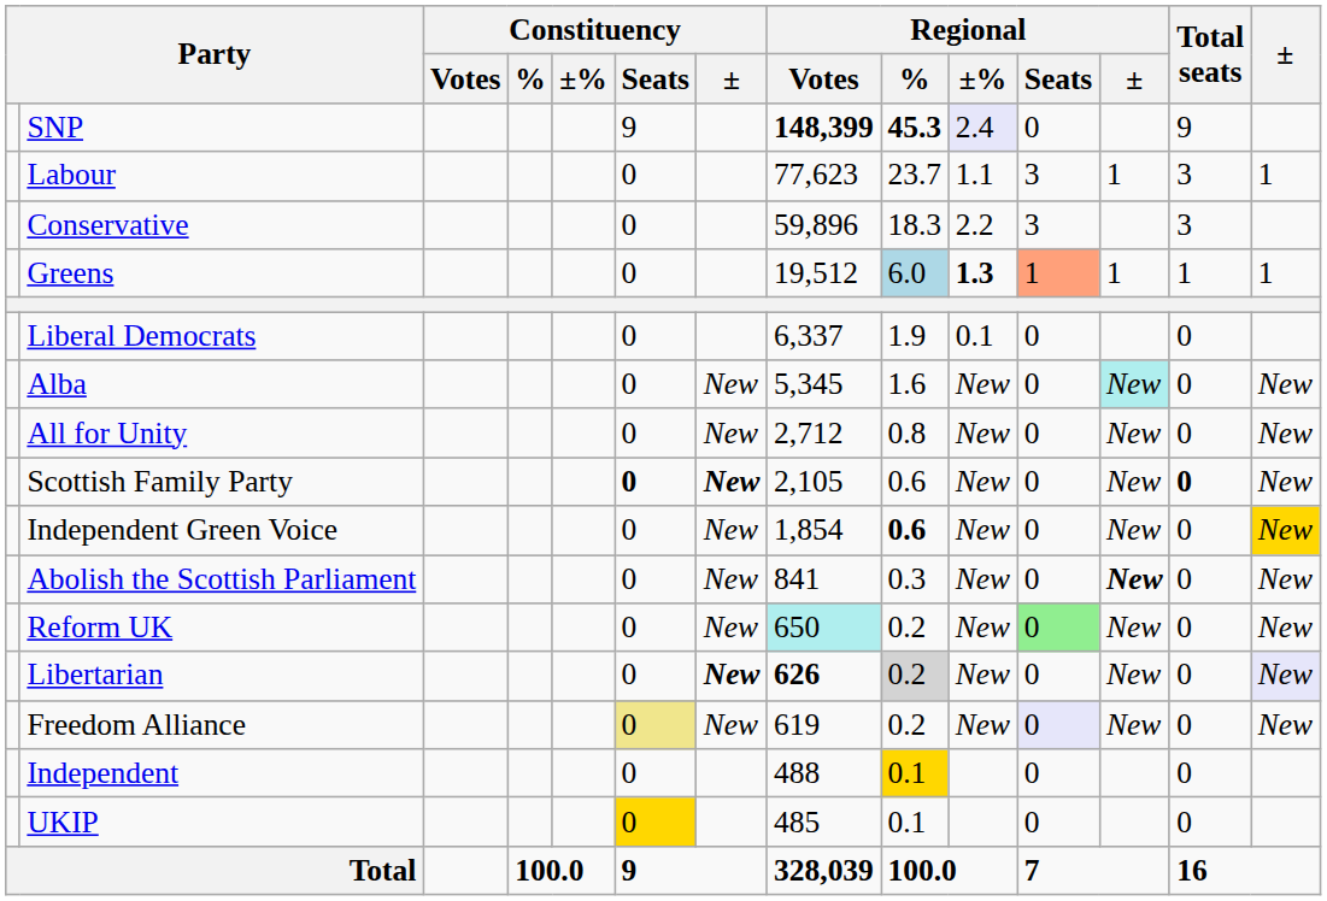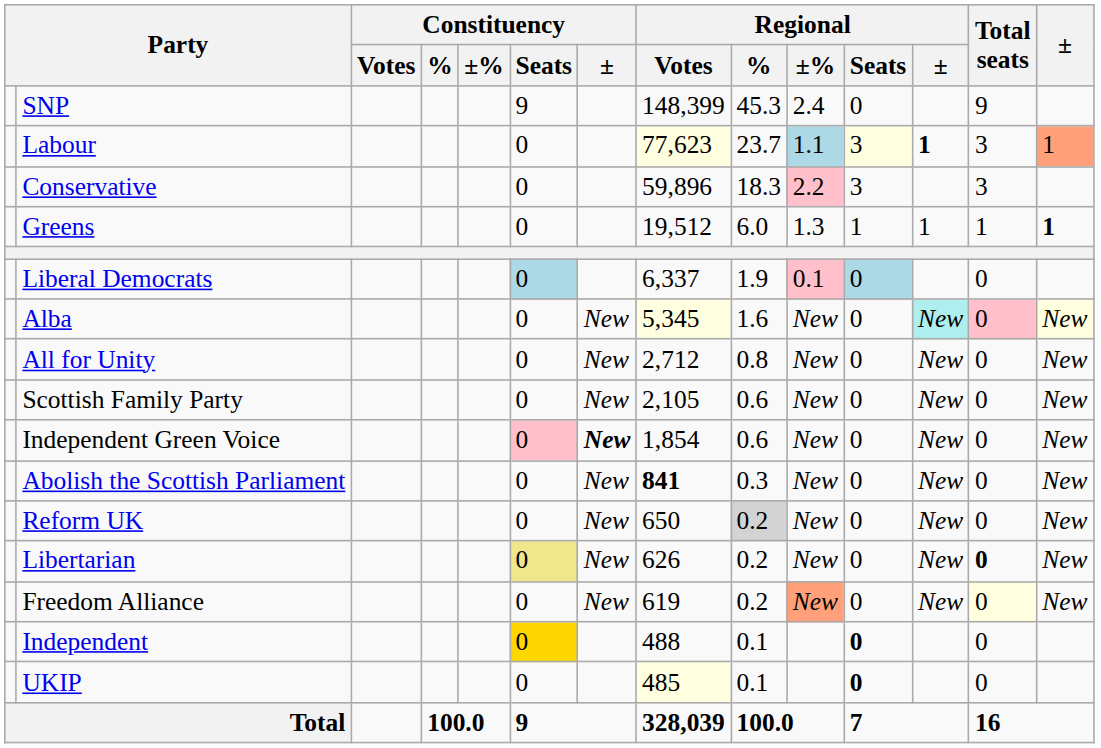 <table class="wikitable sortable">
 <tr>
 <th colspan="2" rowspan="2">Party</th>
 <th colspan="5">Constituency</th>
 <th colspan="5">Regional</th>
 <th rowspan="2">Total<br>seats</th>
 <th rowspan="2">±</th>
 </tr>
 <tr>
 <th>Votes</th>
 <th>%</th>
 <th>±%</th>
 <th>Seats</th>
 <th>±</th>
 <th>Votes</th>
 <th>%</th>
 <th>±%</th>
 <th>Seats</th>
 <th>±</th>
 </tr>
 <tr>
 <td style="color:inherit;background:"></td>
 <td><a href='#'>SNP</a></td>
 <td></td>
 <td></td>
 <td></td>
 <td>9</td>
 <td></td>
-<td><strong>148,399</strong></td>
-<td><strong>45.3</strong></td>
-<td style="background: lavender;">2.4</td>
+<td>148,399</td>
+<td>45.3</td>
+<td>2.4</td>
 <td>0</td>
 <td></td>
 <td>9</td>
 <td></td>
 </tr>
 <tr>
 <td style="color:inherit;background:"></td>
 <td><a href='#'>Labour</a></td>
 <td></td>
 <td></td>
 <td></td>
 <td>0</td>
 <td></td>
-<td>77,623</td>
+<td style="background: lightyellow;">77,623</td>
 <td>23.7</td>
-<td>1.1</td>
+<td style="background: lightblue;">1.1</td>
+<td style="background: lightyellow;">3</td>
+<td><strong>1</strong></td>
 <td>3</td>
-<td>1</td>
-<td>3</td>
-<td>1</td>
+<td style="background: lightsalmon;">1</td>
 </tr>
 <tr>
 <td style="color:inherit;background:"></td>
 <td><a href='#'>Conservative</a></td>
 <td></td>
 <td></td>
 <td></td>
 <td>0</td>
 <td></td>
 <td>59,896</td>
 <td>18.3</td>
-<td>2.2</td>
+<td style="background: pink;">2.2</td>
 <td>3</td>
 <td></td>
 <td>3</td>
 <td></td>
 </tr>
 <tr>
 <td style="color:inherit;background:"></td>
 <td><a href='#'>Greens</a></td>
 <td></td>
 <td></td>
 <td></td>
 <td>0</td>
 <td></td>
 <td>19,512</td>
-<td style="background: lightblue;">6.0</td>
-<td><strong>1.3</strong></td>
-<td style="background: lightsalmon;">1</td>
+<td>6.0</td>
+<td>1.3</td>
 <td>1</td>
 <td>1</td>
 <td>1</td>
+<td><strong>1</strong></td>
 </tr>
 <tr>
 <th colspan=14></th>
 </tr>
 <tr>
 <td style="color:inherit;background:"></td>
 <td><a href='#'>Liberal Democrats</a></td>
 <td></td>
 <td></td>
 <td></td>
-<td>0</td>
+<td style="background: lightblue;">0</td>
 <td></td>
 <td>6,337</td>
 <td>1.9</td>
-<td>0.1</td>
-<td>0</td>
+<td style="background: pink;">0.1</td>
+<td style="background: lightblue;">0</td>
 <td></td>
 <td>0</td>
 <td></td>
 </tr>
 <tr>
 <td style="color:inherit;background:"></td>
 <td><a href='#'>Alba</a></td>
 <td></td>
 <td></td>
 <td></td>
 <td>0</td>
 <td><em>New</em></td>
-<td>5,345</td>
+<td style="background: lightyellow;">5,345</td>
 <td>1.6</td>
 <td><em>New</em></td>
 <td>0</td>
 <td style="background: paleturquoise;"><em>New</em></td>
-<td>0</td>
-<td><em>New</em></td>
+<td style="background: pink;">0</td>
+<td style="background: lightyellow;"><em>New</em></td>
 </tr>
 <tr>
 <td style="color:inherit;background:"></td>
 <td><a href='#'>All for Unity</a></td>
 <td></td>
 <td></td>
 <td></td>
 <td>0</td>
 <td><em>New</em></td>
 <td>2,712</td>
 <td>0.8</td>
 <td><em>New</em></td>
 <td>0</td>
 <td><em>New</em></td>
 <td>0</td>
 <td><em>New</em></td>
 </tr>
 <tr>
 <td style="color:inherit;background:"></td>
 <td>Scottish Family Party</td>
 <td></td>
 <td></td>
 <td></td>
-<td><strong>0</strong></td>
-<td><strong><em>New</em></strong></td>
+<td>0</td>
+<td><em>New</em></td>
 <td>2,105</td>
 <td>0.6</td>
 <td><em>New</em></td>
 <td>0</td>
 <td><em>New</em></td>
-<td><strong>0</strong></td>
+<td>0</td>
 <td><em>New</em></td>
 </tr>
 <tr>
 <td style="color:inherit;background:"></td>
 <td>Independent Green Voice</td>
 <td></td>
 <td></td>
 <td></td>
-<td>0</td>
-<td><em>New</em></td>
+<td style="background: pink;">0</td>
+<td><strong><em>New</em></strong></td>
 <td>1,854</td>
-<td><strong>0.6</strong></td>
+<td>0.6</td>
 <td><em>New</em></td>
 <td>0</td>
 <td><em>New</em></td>
 <td>0</td>
-<td style="background: gold;"><em>New</em></td>
+<td><em>New</em></td>
 </tr>
 <tr>
 <td style="color:inherit;background:"></td>
 <td><a href='#'>Abolish the Scottish Parliament</a></td>
 <td></td>
 <td></td>
 <td></td>
 <td>0</td>
 <td><em>New</em></td>
-<td>841</td>
+<td><strong>841</strong></td>
 <td>0.3</td>
 <td><em>New</em></td>
 <td>0</td>
-<td><strong><em>New</em></strong></td>
+<td><em>New</em></td>
 <td>0</td>
 <td><em>New</em></td>
 </tr>
 <tr>
 <td style="color:inherit;background:"></td>
 <td><a href='#'>Reform UK</a></td>
 <td></td>
 <td></td>
 <td></td>
 <td>0</td>
 <td><em>New</em></td>
-<td style="background: paleturquoise;">650</td>
-<td>0.2</td>
+<td>650</td>
+<td style="background: lightgrey;">0.2</td>
 <td><em>New</em></td>
-<td style="background: lightgreen;">0</td>
+<td>0</td>
 <td><em>New</em></td>
 <td>0</td>
 <td><em>New</em></td>
 </tr>
 <tr>
 <td style="color:inherit;background:"></td>
 <td><a href='#'>Libertarian</a></td>
 <td></td>
 <td></td>
 <td></td>
-<td>0</td>
-<td><strong><em>New</em></strong></td>
-<td><strong>626</strong></td>
-<td style="background: lightgrey;">0.2</td>
+<td style="background: khaki;">0</td>
+<td><em>New</em></td>
+<td>626</td>
+<td>0.2</td>
 <td><em>New</em></td>
 <td>0</td>
 <td><em>New</em></td>
-<td>0</td>
-<td style="background: lavender;"><em>New</em></td>
+<td><strong>0</strong></td>
+<td><em>New</em></td>
 </tr>
 <tr>
 <td style="color:inherit;background:"></td>
 <td>Freedom Alliance</td>
 <td></td>
 <td></td>
 <td></td>
-<td style="background: khaki;">0</td>
+<td>0</td>
 <td><em>New</em></td>
 <td>619</td>
 <td>0.2</td>
+<td style="background: lightsalmon;"><em>New</em></td>
+<td>0</td>
 <td><em>New</em></td>
-<td style="background: lavender;">0</td>
-<td><em>New</em></td>
-<td>0</td>
+<td style="background: lightyellow;">0</td>
 <td><em>New</em></td>
 </tr>
 <tr>
 <td style="color:inherit;background:"></td>
 <td><a href='#'>Independent</a></td>
 <td></td>
 <td></td>
 <td></td>
-<td>0</td>
+<td style="background: gold;">0</td>
 <td></td>
 <td>488</td>
-<td style="background: gold;">0.1</td>
+<td>0.1</td>
 <td></td>
-<td>0</td>
+<td><strong>0</strong></td>
 <td></td>
 <td>0</td>
 <td></td>
 </tr>
 <tr>
 <td style="color:inherit;background:"></td>
 <td><a href='#'>UKIP</a></td>
 <td></td>
 <td></td>
 <td></td>
-<td style="background: gold;">0</td>
+<td>0</td>
 <td></td>
-<td>485</td>
+<td style="background: lightyellow;">485</td>
 <td>0.1</td>
 <td></td>
-<td>0</td>
+<td><strong>0</strong></td>
 <td></td>
 <td>0</td>
 <td></td>
 </tr>
 <tr class="sortbottom" style="font-weight:bold">
 <th colspan="2" style="text-align:right;"><strong>Total</strong></th>
 <td></td>
 <td colspan="2">100.0</td>
 <td colspan="2">9</td>
 <td>328,039</td>
 <td colspan="2">100.0</td>
 <td colspan="2">7</td>
 <td colspan="2">16</td>
 </tr>
 </table>
